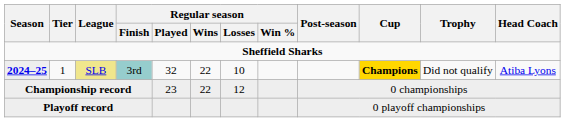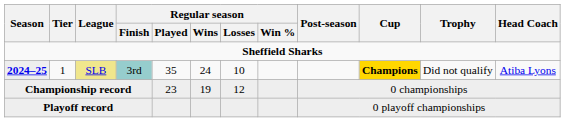 <table class="wikitable" style="font-size:95%; text-align:center">
 <tr>
 <th rowspan=2>Season</th>
 <th rowspan=2>Tier</th>
 <th rowspan=2>League</th>
 <th colspan=5>Regular season</th>
 <th rowspan=2>Post-season</th>
 <th rowspan=2>Cup</th>
 <th rowspan=2>Trophy</th>
 <th rowspan=2>Head Coach</th>
 </tr>
 <tr>
 <th>Finish</th>
 <th>Played</th>
 <th>Wins</th>
 <th>Losses</th>
 <th>Win %</th>
 </tr>
 <tr>
 <td colspan="12" align="center"><strong>Sheffield Sharks</strong></td>
 </tr>
 <tr>
 <th style="background:#eee;"><a href='#'>2024–25</a></th>
 <td style="text-align:center;">1</td>
 <td style="background: khaki; text-align:center;"><a href='#'>SLB</a></td>
 <td style="text-align:center;background-color:#96CDCD;">3rd</td>
-<td style="text-align:center;">32</td>
-<td style="text-align:center;">22</td>
+<td style="text-align:center;">35</td>
+<td style="text-align:center;">24</td>
 <td style="text-align:center;">10</td>
 <td style="text-align:center;"></td>
 <td style="text-align:center;background-color:#;"></td>
 <td style="text-align:center;background-color:gold;"><strong>Champions</strong></td>
 <td style="text-align:center;">Did not qualify</td>
 <td style="text-align:center;"><a href='#'>Atiba Lyons</a></td>
 </tr>
 <tr>
 <th colspan=4 style="background:#eee;">Championship record</th>
 <td style="background:#eee;">23</td>
-<td style="background:#eee;">22</td>
+<td style="background:#eee;">19</td>
 <td style="background:#eee;">12</td>
 <td style="background:#eee;"></td>
 <td colspan="4" style="background:#eee;">0 championships</td>
 </tr>
 <tr>
 <th colspan=4 style="background:#eee;">Playoff record</th>
 <td style="background:#eee;"></td>
 <td style="background:#eee;"></td>
 <td style="background:#eee;"></td>
 <td style="background:#eee;"></td>
 <td colspan="4" style="background:#eee;">0 playoff championships</td>
 </tr>
 </table>
